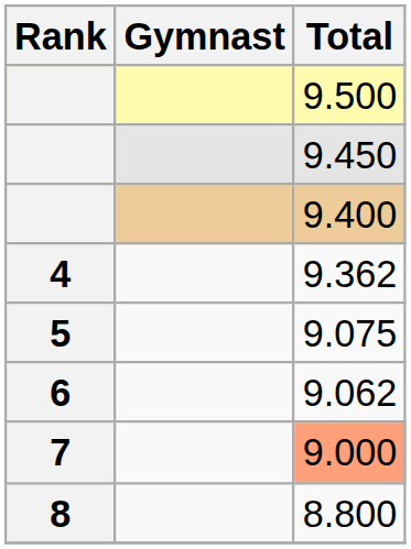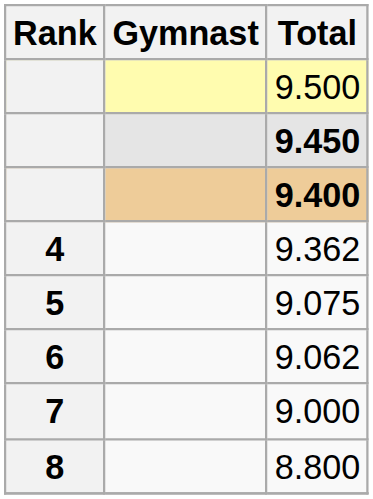 <table class="wikitable sortable" style="text-align:center; font-size:95%">
 <tr>
 <th scope=col>Rank</th>
 <th scope=col>Gymnast</th>
 <th scope=col>Total</th>
 </tr>
 <tr bgcolor=fffcaf>
 <th scope=row style="text-align:center"></th>
 <td align=left></td>
 <td>9.500</td>
 </tr>
 <tr bgcolor=e5e5e5>
 <th scope=row style="text-align:center"></th>
 <td align=left></td>
-<td>9.450</td>
+<td><strong>9.450</strong></td>
 </tr>
 <tr bgcolor=eecc99>
 <th scope=row style="text-align:center"></th>
 <td align=left></td>
-<td>9.400</td>
+<td><strong>9.400</strong></td>
 </tr>
 <tr>
 <th scope=row style="text-align:center">4</th>
 <td align=left></td>
 <td>9.362</td>
 </tr>
 <tr>
 <th scope=row style="text-align:center">5</th>
 <td align=left></td>
 <td>9.075</td>
 </tr>
 <tr>
 <th scope=row style="text-align:center">6</th>
 <td align=left></td>
 <td>9.062</td>
 </tr>
 <tr>
 <th scope=row style="text-align:center">7</th>
 <td align=left></td>
-<td style="background: lightsalmon;">9.000</td>
+<td>9.000</td>
 </tr>
 <tr>
 <th scope=row style="text-align:center">8</th>
 <td align=left></td>
 <td>8.800</td>
 </tr>
 <tr>
 </tr>
 </table>
